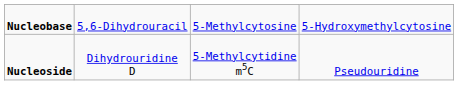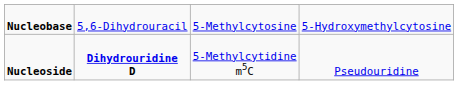 <table class="wikitable skin-invert-image">
 <tr align="center" valign="bottom">
 <td><strong>Nucleobase</strong></td>
 <td><br><a href='#'>5,6-Dihydrouracil</a></td>
 <td><br><a href='#'>5-Methylcytosine</a></td>
 <td><br><a href='#'>5-Hydroxymethylcytosine</a></td>
 </tr>
 <tr align="center" valign="bottom">
 <td><strong>Nucleoside</strong></td>
-<td><br><a href='#'>Dihydrouridine</a><br>D</td>
+<td><strong><br><a href='#'>Dihydrouridine</a><br>D</strong></td>
 <td><br><a href='#'>5-Methylcytidine</a><br>m<sup>5</sup>C</td>
 <td><br><a href='#'>Pseudouridine</a></td>
 </tr>
 </table>
